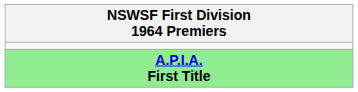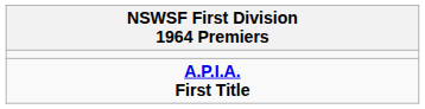 <table class="wikitable" style="text-align: center; margin: 0 auto; width: 20%">
 <tr>
 <th>NSWSF First Division<br>1964 Premiers</th>
 </tr>
 <tr>
 <td></td>
 </tr>
 <tr>
-<td style="background: lightgreen;"><strong><a href='#'>A.P.I.A.</a></strong><br><strong>First Title</strong></td>
+<td><strong><a href='#'>A.P.I.A.</a></strong><br><strong>First Title</strong></td>
 </tr>
 </table>
